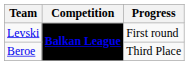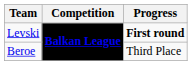 <table class="wikitable sortable">
 <tr>
 <th>Team</th>
 <th>Competition</th>
 <th>Progress</th>
 </tr>
 <tr>
 <td><a href='#'>Levski</a></td>
 <td rowspan="2" align="center" style="background:black;"><a href='#'><span><strong>Balkan League</strong></span></a></td>
-<td>First round</td>
+<td><strong>First round</strong></td>
 </tr>
 <tr>
 <td><a href='#'>Beroe</a></td>
 <td>Third Place</td>
 </tr>
 </table>
